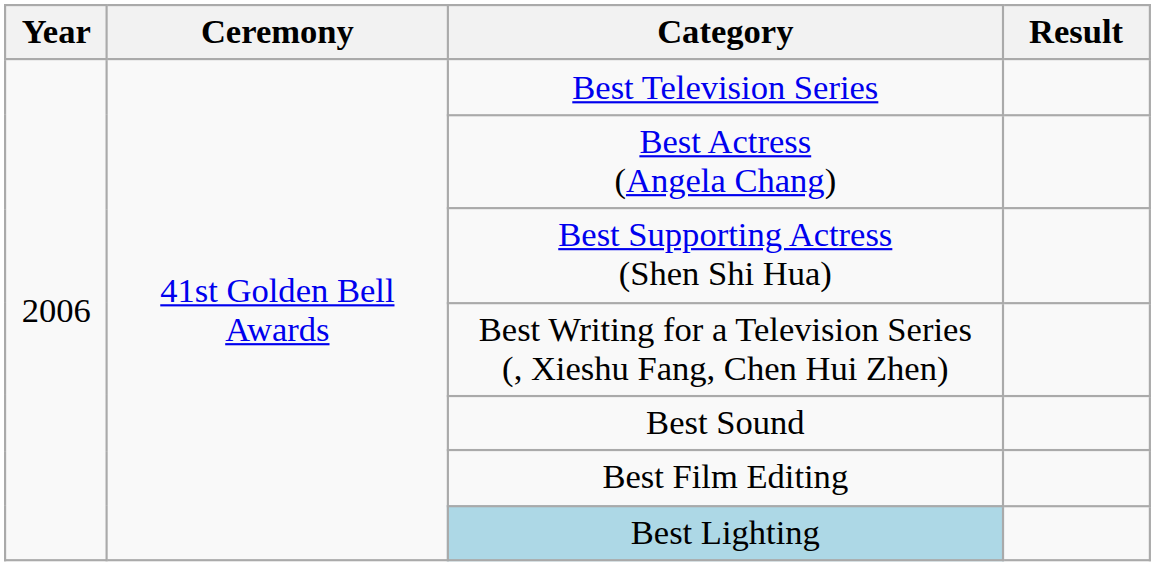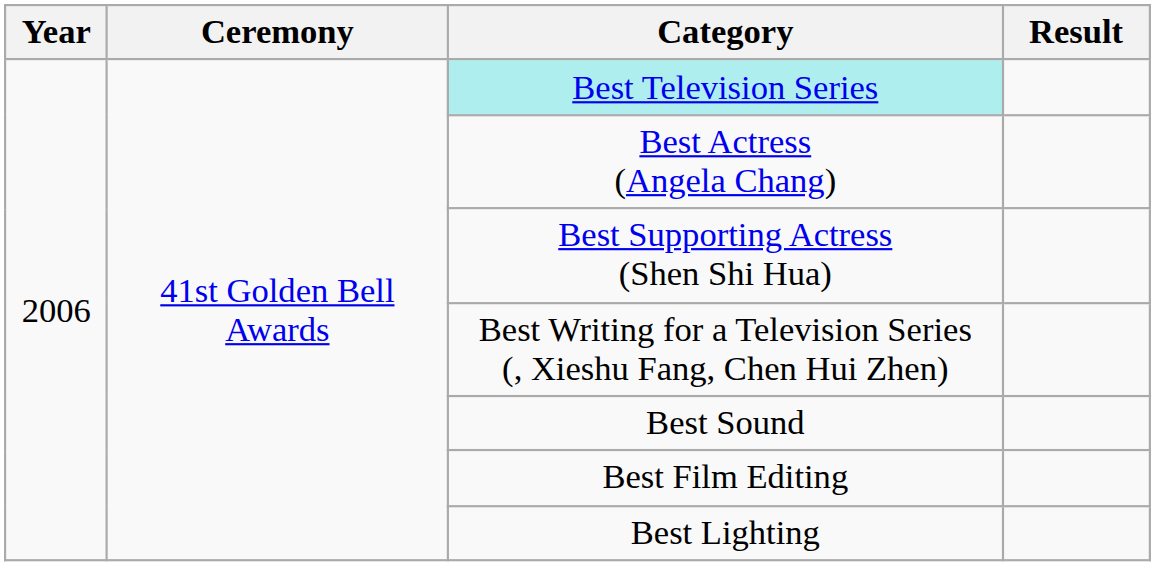 <table class="wikitable">
 <tr>
 <th style="width:40px;">Year</th>
 <th style="width:150px;">Ceremony</th>
 <th style="width:250px;">Category</th>
 <th style="width:60px;">Result</th>
 </tr>
 <tr>
 <td style="text-align:center;" rowspan="7">2006</td>
 <td style="text-align:center;" rowspan="7"><a href='#'>41st Golden Bell Awards</a></td>
-<td style="text-align:center;"><a href='#'>Best Television Series</a></td>
+<td style="background: paleturquoise; text-align:center;"><a href='#'>Best Television Series</a></td>
 <td></td>
 </tr>
 <tr>
 <td style="text-align:center;"><a href='#'>Best Actress</a> <br>(<a href='#'>Angela Chang</a>)</td>
 <td></td>
 </tr>
 <tr>
 <td style="text-align:center;"><a href='#'>Best Supporting Actress</a> <br> (Shen Shi Hua)</td>
 <td></td>
 </tr>
 <tr>
 <td style="text-align:center;">Best Writing for a Television Series <br> (, Xieshu Fang, Chen Hui Zhen)</td>
 <td></td>
 </tr>
 <tr>
 <td style="text-align:center;">Best Sound</td>
 <td></td>
 </tr>
 <tr>
 <td style="text-align:center;">Best Film Editing</td>
 <td></td>
 </tr>
 <tr>
-<td style="background: lightblue; text-align:center;">Best Lighting</td>
+<td style="text-align:center;">Best Lighting</td>
 <td></td>
 </tr>
 </table>
